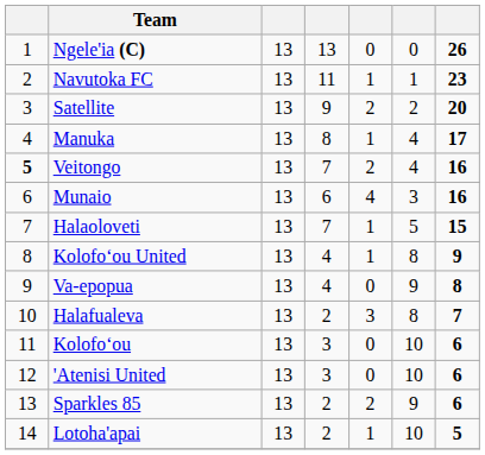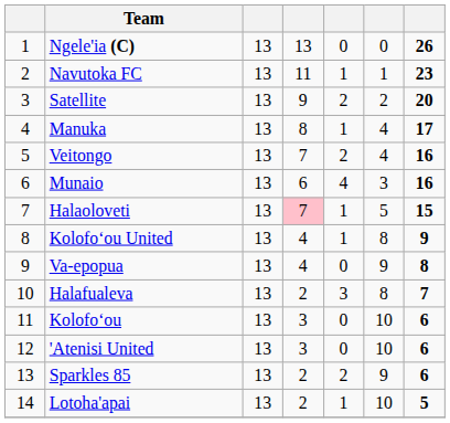 <table class="wikitable" style="text-align: center;">
 <tr>
 <th width=30></th>
 <th width=175>Team</th>
 <th width=30></th>
 <th width=30></th>
 <th width=30></th>
 <th width=30></th>
 <th width=30></th>
 </tr>
 <tr bc=#D0F0C0>
 <td>1</td>
 <td align=left><a href='#'>Ngele'ia</a> <strong>(C)</strong></td>
 <td>13</td>
 <td>13</td>
 <td>0</td>
 <td>0</td>
 <td><strong>26</strong></td>
 </tr>
 <tr>
 <td>2</td>
 <td align=left><a href='#'>Navutoka FC</a></td>
 <td>13</td>
 <td>11</td>
 <td>1</td>
 <td>1</td>
 <td><strong>23</strong></td>
 </tr>
 <tr>
 <td>3</td>
 <td align=left><a href='#'>Satellite</a></td>
 <td>13</td>
 <td>9</td>
 <td>2</td>
 <td>2</td>
 <td><strong>20</strong></td>
 </tr>
 <tr>
 <td>4</td>
 <td align=left><a href='#'>Manuka</a></td>
 <td>13</td>
 <td>8</td>
 <td>1</td>
 <td>4</td>
 <td><strong>17</strong></td>
 </tr>
 <tr>
-<td><strong>5</strong></td>
+<td>5</td>
 <td align=left><a href='#'>Veitongo</a></td>
 <td>13</td>
 <td>7</td>
 <td>2</td>
 <td>4</td>
 <td><strong>16</strong></td>
 </tr>
 <tr>
 <td>6</td>
 <td align=left><a href='#'>Munaio</a></td>
 <td>13</td>
 <td>6</td>
 <td>4</td>
 <td>3</td>
 <td><strong>16</strong></td>
 </tr>
 <tr>
 <td>7</td>
 <td align=left><a href='#'>Halaoloveti</a></td>
 <td>13</td>
-<td>7</td>
+<td style="background: pink;">7</td>
 <td>1</td>
 <td>5</td>
 <td><strong>15</strong></td>
 </tr>
 <tr>
 <td>8</td>
 <td align=left><a href='#'>Kolofoʻou United</a></td>
 <td>13</td>
 <td>4</td>
 <td>1</td>
 <td>8</td>
 <td><strong>9</strong></td>
 </tr>
 <tr>
 <td>9</td>
 <td align=left><a href='#'>Va-epopua</a></td>
 <td>13</td>
 <td>4</td>
 <td>0</td>
 <td>9</td>
 <td><strong>8</strong></td>
 </tr>
 <tr>
 <td>10</td>
 <td align=left><a href='#'>Halafualeva</a></td>
 <td>13</td>
 <td>2</td>
 <td>3</td>
 <td>8</td>
 <td><strong>7</strong></td>
 </tr>
 <tr>
 <td>11</td>
 <td align=left><a href='#'>Kolofoʻou</a></td>
 <td>13</td>
 <td>3</td>
 <td>0</td>
 <td>10</td>
 <td><strong>6</strong></td>
 </tr>
 <tr>
 <td>12</td>
 <td align=left><a href='#'>'Atenisi United</a></td>
 <td>13</td>
 <td>3</td>
 <td>0</td>
 <td>10</td>
 <td><strong>6</strong></td>
 </tr>
 <tr>
 <td>13</td>
 <td align=left><a href='#'>Sparkles 85</a></td>
 <td>13</td>
 <td>2</td>
 <td>2</td>
 <td>9</td>
 <td><strong>6</strong></td>
 </tr>
 <tr>
 <td>14</td>
 <td align=left><a href='#'>Lotoha'apai</a></td>
 <td>13</td>
 <td>2</td>
 <td>1</td>
 <td>10</td>
 <td><strong>5</strong></td>
 </tr>
 <tr>
 </tr>
 </table>
